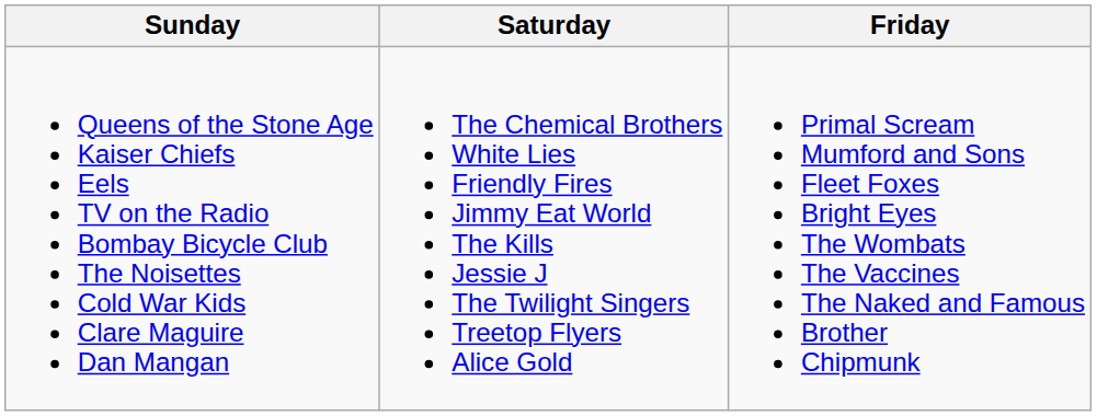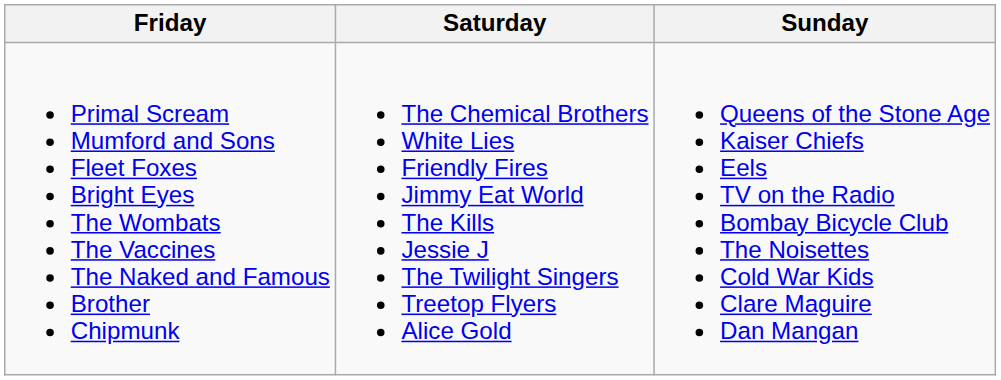 <table class="wikitable">
 <tr>
+<th>Friday</th>
+<th>Saturday</th>
 <th>Sunday</th>
-<th>Saturday</th>
-<th>Friday</th>
 </tr>
 <tr valign="top">
+<td><br><ul><li><a href='#'>Primal Scream</a></li><li><a href='#'>Mumford and Sons</a></li><li><a href='#'>Fleet Foxes</a></li><li><a href='#'>Bright Eyes</a></li><li><a href='#'>The Wombats</a></li><li><a href='#'>The Vaccines</a></li><li><a href='#'>The Naked and Famous</a></li><li><a href='#'>Brother</a></li><li><a href='#'>Chipmunk</a></li></ul></td>
+<td><br><ul><li><a href='#'>The Chemical Brothers</a></li><li><a href='#'>White Lies</a></li><li><a href='#'>Friendly Fires</a></li><li><a href='#'>Jimmy Eat World</a></li><li><a href='#'>The Kills</a></li><li><a href='#'>Jessie J</a></li><li><a href='#'>The Twilight Singers</a></li><li><a href='#'>Treetop Flyers</a></li><li><a href='#'>Alice Gold</a></li></ul></td>
 <td><br><ul><li><a href='#'>Queens of the Stone Age</a></li><li><a href='#'>Kaiser Chiefs</a></li><li><a href='#'>Eels</a></li><li><a href='#'>TV on the Radio</a></li><li><a href='#'>Bombay Bicycle Club</a></li><li><a href='#'>The Noisettes</a></li><li><a href='#'>Cold War Kids</a></li><li><a href='#'>Clare Maguire</a></li><li><a href='#'>Dan Mangan</a></li></ul></td>
-<td><br><ul><li><a href='#'>The Chemical Brothers</a></li><li><a href='#'>White Lies</a></li><li><a href='#'>Friendly Fires</a></li><li><a href='#'>Jimmy Eat World</a></li><li><a href='#'>The Kills</a></li><li><a href='#'>Jessie J</a></li><li><a href='#'>The Twilight Singers</a></li><li><a href='#'>Treetop Flyers</a></li><li><a href='#'>Alice Gold</a></li></ul></td>
-<td><br><ul><li><a href='#'>Primal Scream</a></li><li><a href='#'>Mumford and Sons</a></li><li><a href='#'>Fleet Foxes</a></li><li><a href='#'>Bright Eyes</a></li><li><a href='#'>The Wombats</a></li><li><a href='#'>The Vaccines</a></li><li><a href='#'>The Naked and Famous</a></li><li><a href='#'>Brother</a></li><li><a href='#'>Chipmunk</a></li></ul></td>
 </tr>
 </table>
